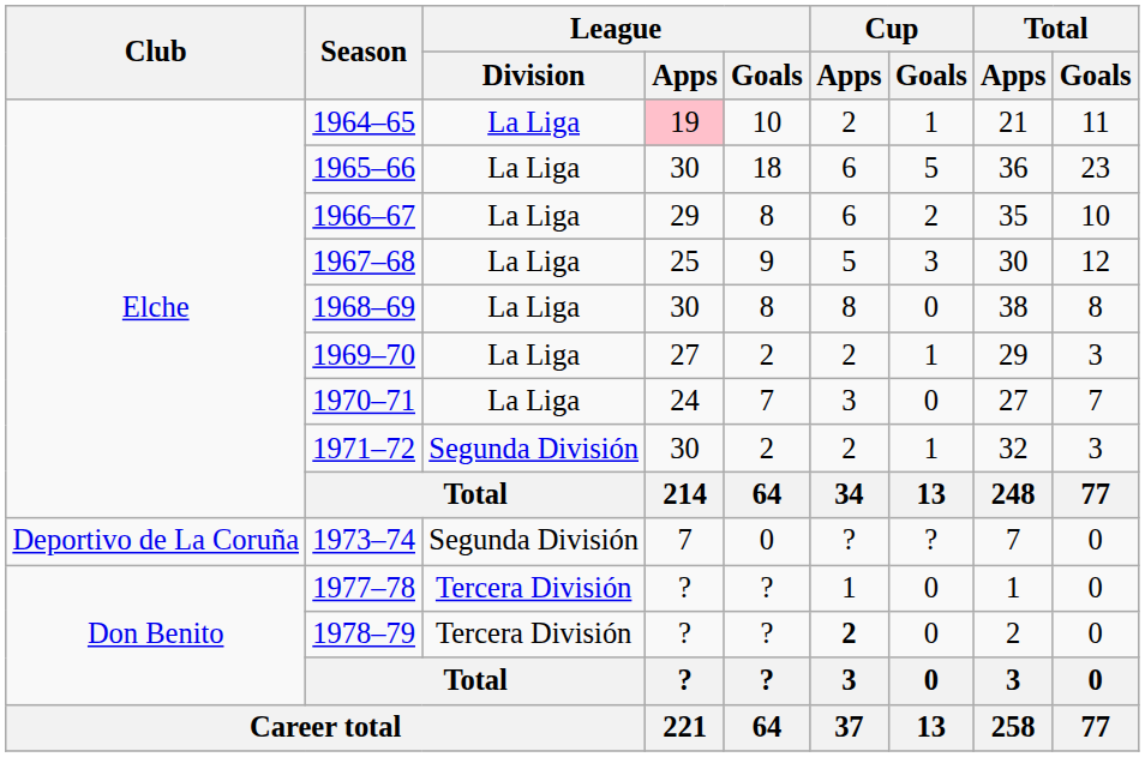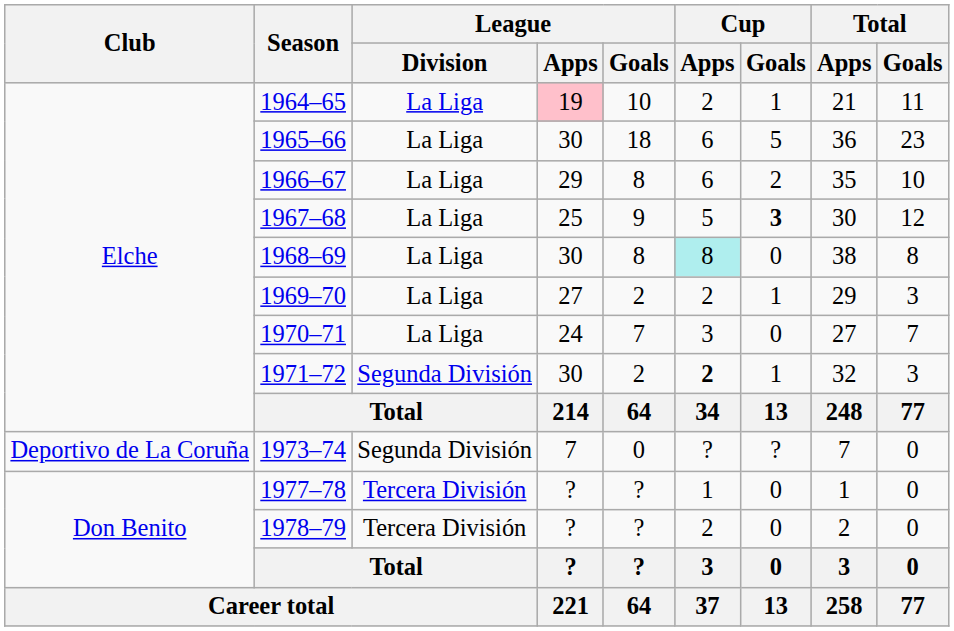 <table class="wikitable" style="text-align:center">
 <tr>
 <th rowspan="2">Club</th>
 <th rowspan="2">Season</th>
 <th colspan="3">League</th>
 <th colspan="2">Cup</th>
 <th colspan="2">Total</th>
 </tr>
 <tr>
 <th>Division</th>
 <th>Apps</th>
 <th>Goals</th>
 <th>Apps</th>
 <th>Goals</th>
 <th>Apps</th>
 <th>Goals</th>
 </tr>
 <tr>
 <td rowspan="9"><a href='#'>Elche</a></td>
 <td><a href='#'>1964–65</a></td>
 <td><a href='#'>La Liga</a></td>
 <td style="background: pink;">19</td>
 <td>10</td>
 <td>2</td>
 <td>1</td>
 <td>21</td>
 <td>11</td>
 </tr>
 <tr>
 <td><a href='#'>1965–66</a></td>
 <td>La Liga</td>
 <td>30</td>
 <td>18</td>
 <td>6</td>
 <td>5</td>
 <td>36</td>
 <td>23</td>
 </tr>
 <tr>
 <td><a href='#'>1966–67</a></td>
 <td>La Liga</td>
 <td>29</td>
 <td>8</td>
 <td>6</td>
 <td>2</td>
 <td>35</td>
 <td>10</td>
 </tr>
 <tr>
 <td><a href='#'>1967–68</a></td>
 <td>La Liga</td>
 <td>25</td>
 <td>9</td>
 <td>5</td>
-<td>3</td>
+<td><strong>3</strong></td>
 <td>30</td>
 <td>12</td>
 </tr>
 <tr>
 <td><a href='#'>1968–69</a></td>
 <td>La Liga</td>
 <td>30</td>
 <td>8</td>
-<td>8</td>
+<td style="background: paleturquoise;">8</td>
 <td>0</td>
 <td>38</td>
 <td>8</td>
 </tr>
 <tr>
 <td><a href='#'>1969–70</a></td>
 <td>La Liga</td>
 <td>27</td>
 <td>2</td>
 <td>2</td>
 <td>1</td>
 <td>29</td>
 <td>3</td>
 </tr>
 <tr>
 <td><a href='#'>1970–71</a></td>
 <td>La Liga</td>
 <td>24</td>
 <td>7</td>
 <td>3</td>
 <td>0</td>
 <td>27</td>
 <td>7</td>
 </tr>
 <tr>
 <td><a href='#'>1971–72</a></td>
 <td><a href='#'>Segunda División</a></td>
 <td>30</td>
 <td>2</td>
-<td>2</td>
+<td><strong>2</strong></td>
 <td>1</td>
 <td>32</td>
 <td>3</td>
 </tr>
 <tr>
 <th colspan="2">Total</th>
 <th>214</th>
 <th>64</th>
 <th>34</th>
 <th>13</th>
 <th>248</th>
 <th>77</th>
 </tr>
 <tr>
 <td><a href='#'>Deportivo de La Coruña</a></td>
 <td><a href='#'>1973–74</a></td>
 <td>Segunda División</td>
 <td>7</td>
 <td>0</td>
 <td>?</td>
 <td>?</td>
 <td>7</td>
 <td>0</td>
 </tr>
 <tr>
 <td rowspan="3"><a href='#'>Don Benito</a></td>
 <td><a href='#'>1977–78</a></td>
 <td><a href='#'>Tercera División</a></td>
 <td>?</td>
 <td>?</td>
 <td>1</td>
 <td>0</td>
 <td>1</td>
 <td>0</td>
 </tr>
 <tr>
 <td><a href='#'>1978–79</a></td>
 <td>Tercera División</td>
 <td>?</td>
 <td>?</td>
-<td><strong>2</strong></td>
+<td>2</td>
 <td>0</td>
 <td>2</td>
 <td>0</td>
 </tr>
 <tr>
 <th colspan="2">Total</th>
 <th>?</th>
 <th>?</th>
 <th>3</th>
 <th>0</th>
 <th>3</th>
 <th>0</th>
 </tr>
 <tr>
 <th colspan="3">Career total</th>
 <th>221</th>
 <th>64</th>
 <th>37</th>
 <th>13</th>
 <th>258</th>
 <th>77</th>
 </tr>
 </table>
